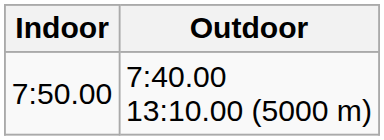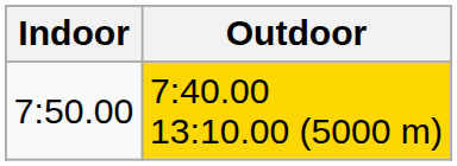 <table class="wikitable" border="1" align="upright">
 <tr>
 <th>Indoor</th>
 <th>Outdoor</th>
 </tr>
 <tr>
 <td>7:50.00</td>
-<td>7:40.00<br>13:10.00 (5000 m)</td>
+<td style="background: gold;">7:40.00<br>13:10.00 (5000 m)</td>
 </tr>
 </table>
